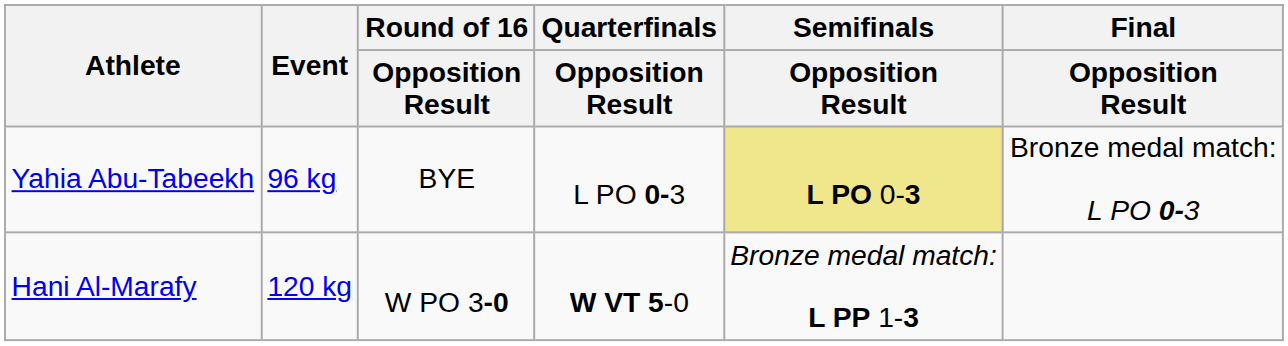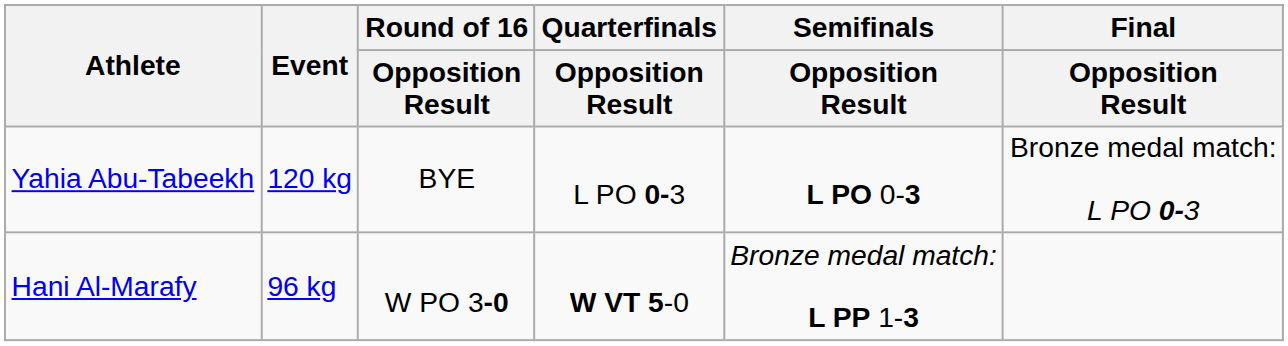 <table class="wikitable" border="1" style="font-size:90%">
 <tr>
 <th rowspan=2>Athlete</th>
 <th rowspan=2>Event</th>
 <th>Round of 16</th>
 <th>Quarterfinals</th>
 <th>Semifinals</th>
 <th>Final</th>
 </tr>
 <tr>
 <th>Opposition<br>Result</th>
 <th>Opposition<br>Result</th>
 <th>Opposition<br>Result</th>
 <th>Opposition<br>Result</th>
 </tr>
 <tr>
 <td><a href='#'>Yahia Abu-Tabeekh</a></td>
-<td><a href='#'>96 kg</a></td>
+<td><a href='#'>120 kg</a></td>
 <td align=center>BYE</td>
 <td align=center><br></strong>L PO<strong> 0-</strong>3</em></td>
-<td align=center style="background: khaki;"><br><strong>L PO</strong> 0-<strong>3<em></td>
+<td align=center><br><strong>L PO</strong> 0-<strong>3<em></td>
 <td align=center></em>Bronze medal match:<em><br><br></strong>L PO<strong> 0-</strong>3<strong></td>
 </tr>
 <tr>
 <td><a href='#'>Hani Al-Marafy</a></td>
-<td><a href='#'>120 kg</a></td>
+<td><a href='#'>96 kg</a></td>
 <td align=center><br></strong>W PO<strong> </strong>3<strong>-0</td>
 <td align=center><br><strong>W VT</strong> <strong>5</strong>-0</td>
 <td align=center><em>Bronze medal match:</em><br><br><strong>L PP</strong> 1-<strong>3</strong></td>
 </tr>
 </table>
